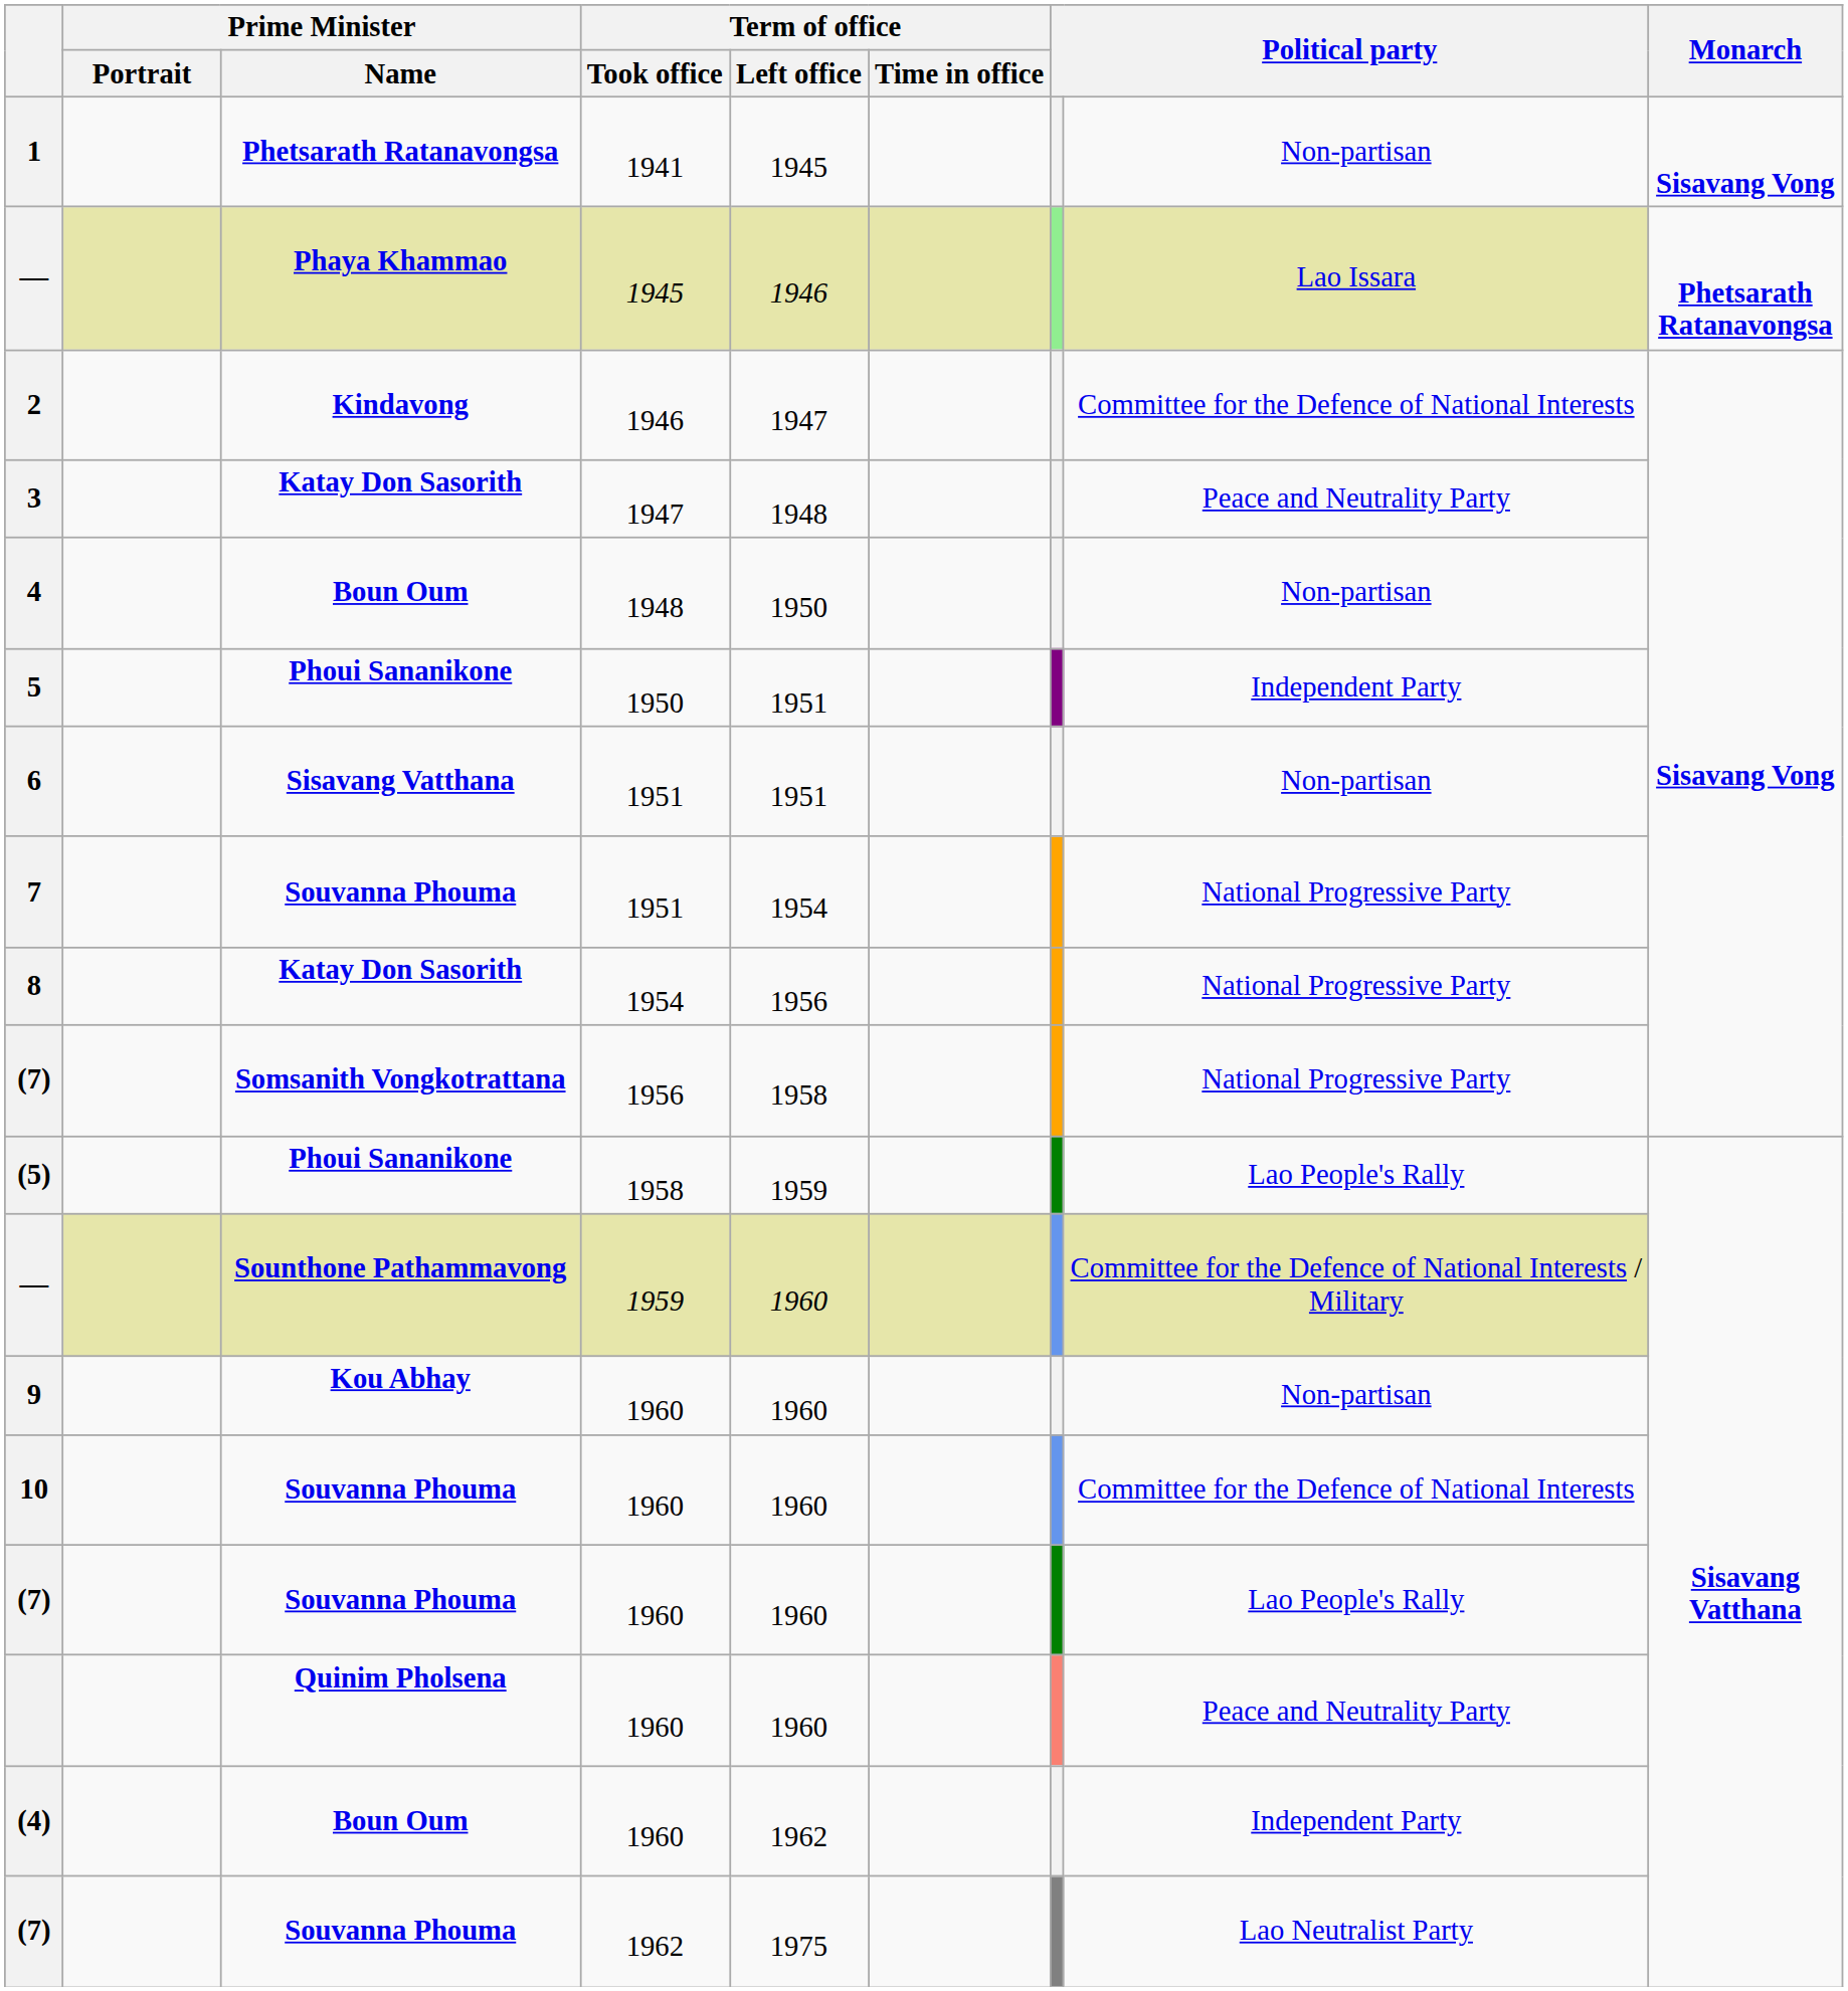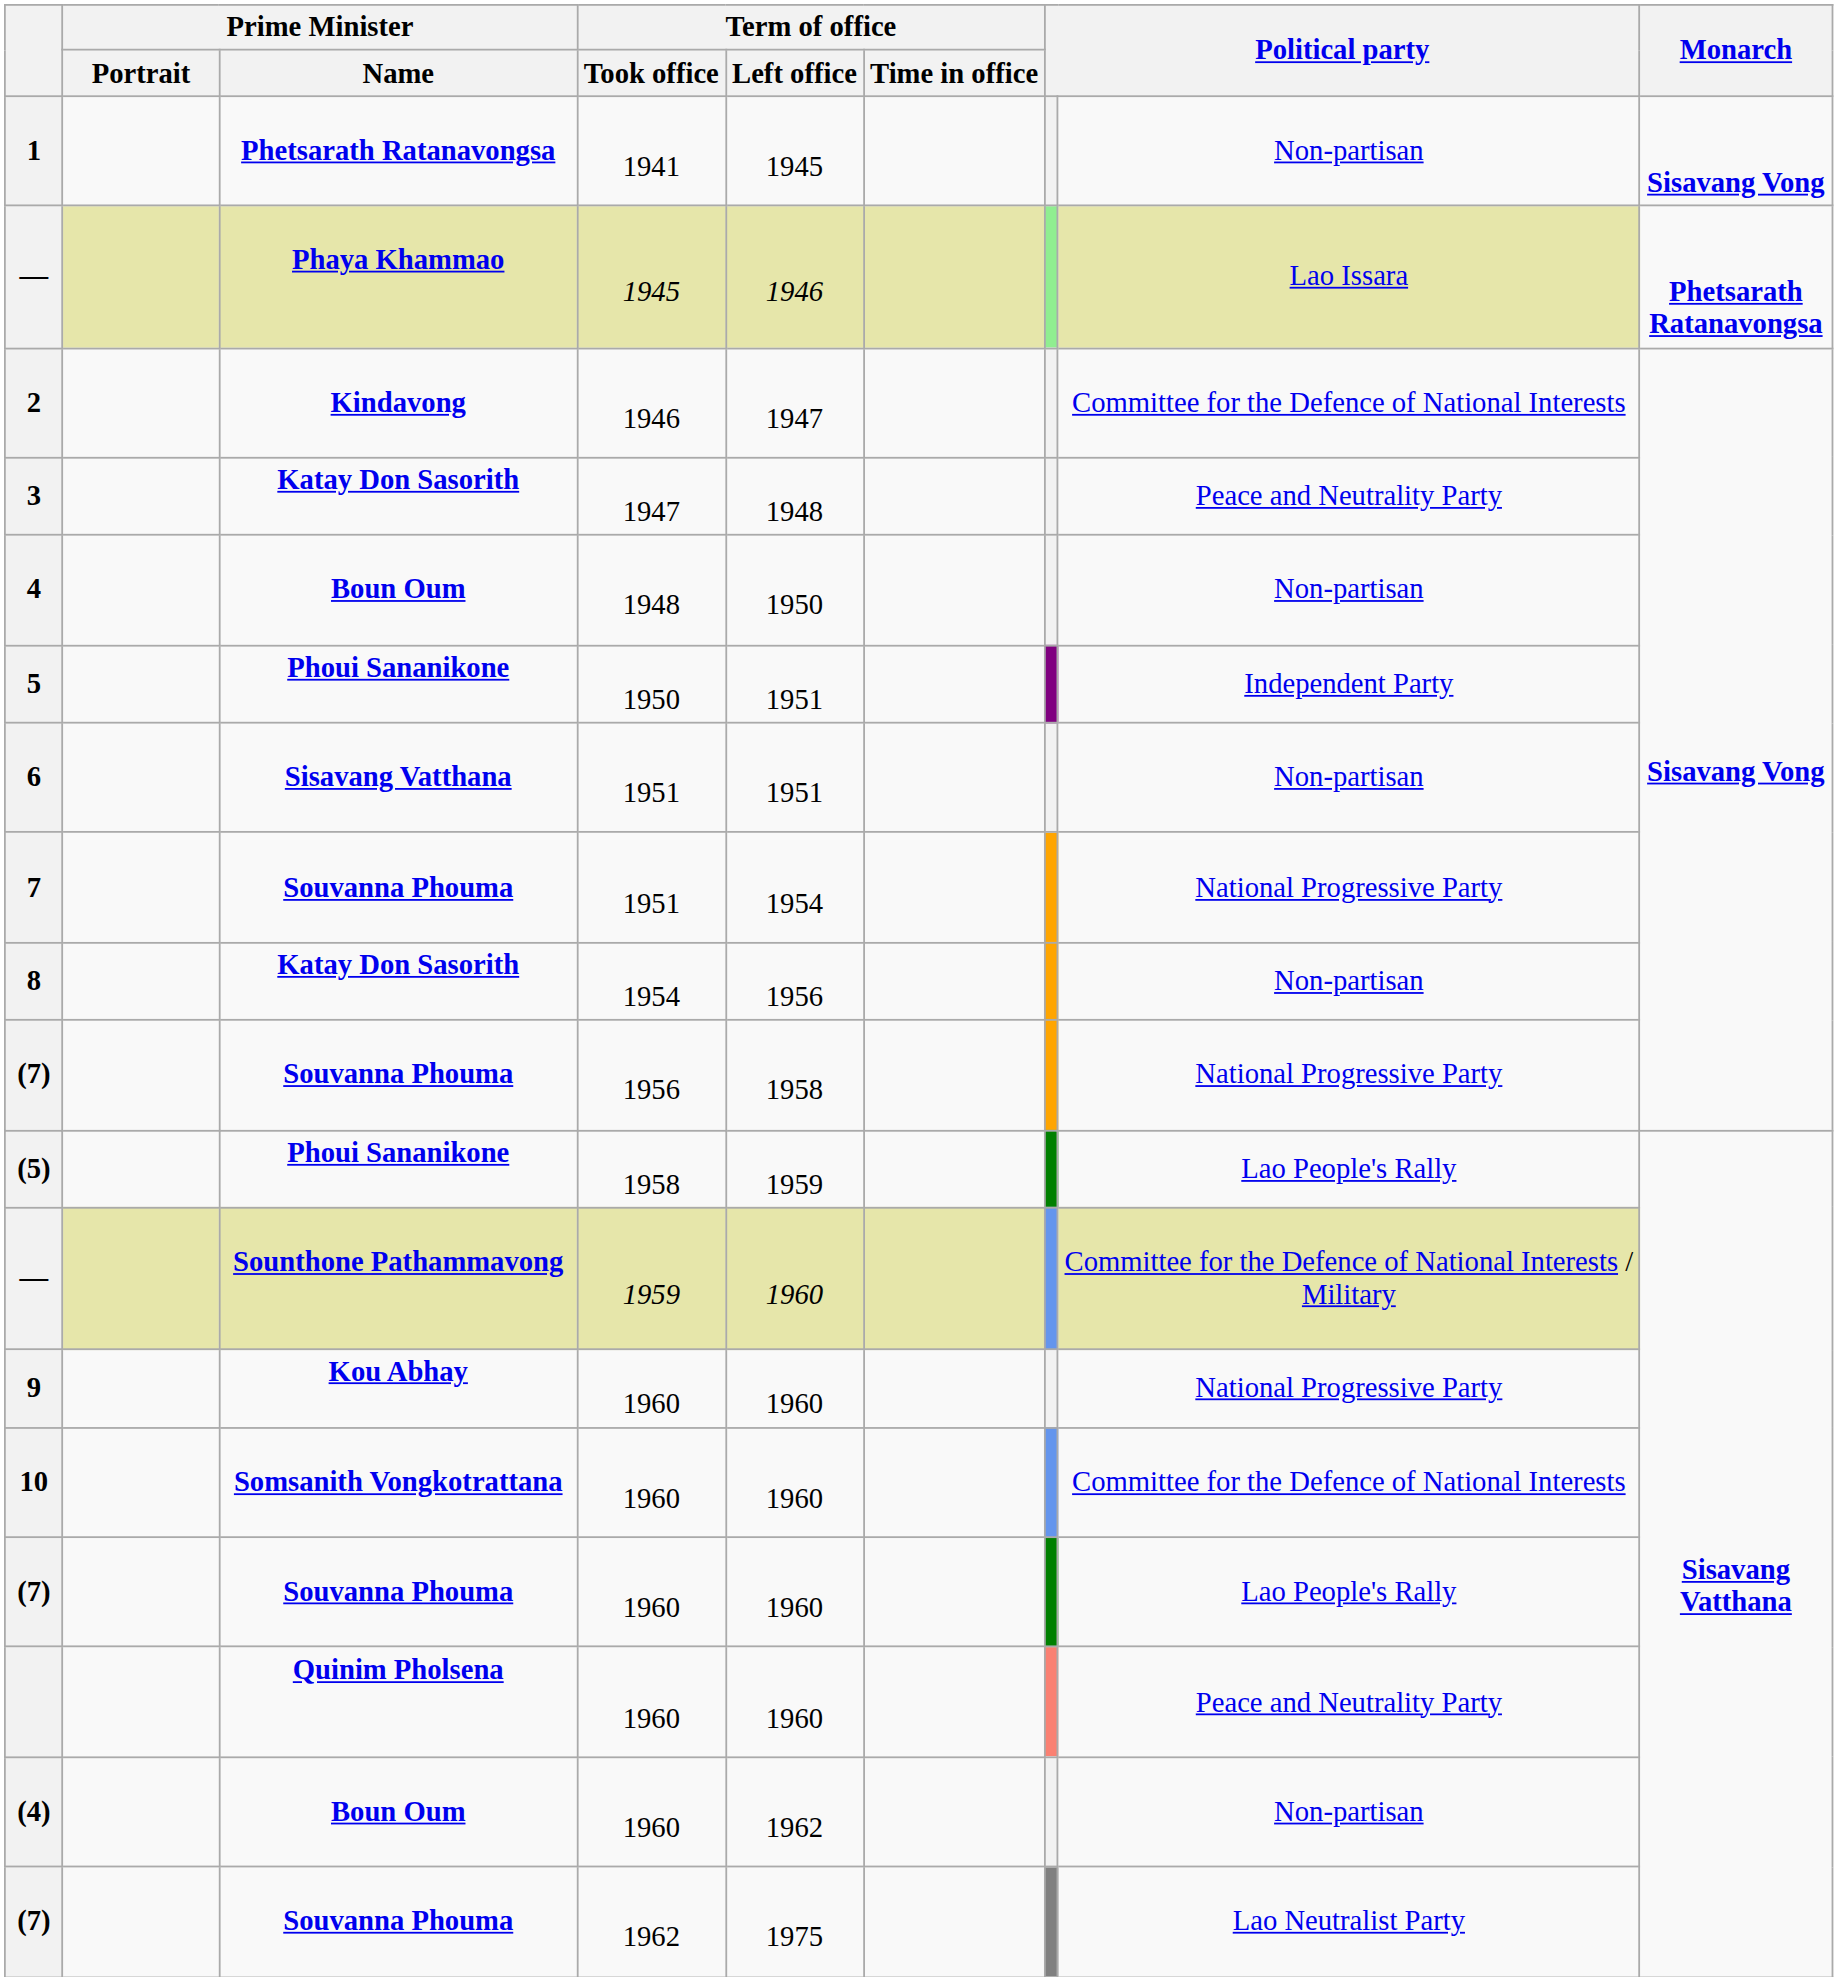 <table class="wikitable" style="text-align:center; border:1px #aaf solid;">
 <tr>
 <th rowspan="2" style="width:25px;"></th>
 <th colspan="2" style="width:280px;">Prime Minister</th>
 <th colspan="3">Term of office</th>
 <th colspan="2" rowspan="2"><a href='#'>Political party</a></th>
 <th style="width:100px;" rowspan="2"><a href='#'>Monarch</a><br></th>
 </tr>
 <tr>
 <th style="width:80px;">Portrait</th>
 <th>Name<br></th>
 <th>Took office</th>
 <th>Left office</th>
 <th>Time in office</th>
 </tr>
 <tr>
 <th>1</th>
 <td></td>
 <td><a href='#'><br><strong>Phetsarath Ratanavongsa</strong></a><br><br></td>
 <td><br>1941</td>
 <td><br>1945</td>
 <td></td>
 <th style="background:"></th>
 <td><a href='#'>Non-partisan</a></td>
 <td><br><br><strong><a href='#'>Sisavang Vong</a></strong><br></td>
 </tr>
 <tr>
 <th>—</th>
 <td style="background:#e6e6aa;"></td>
 <td style="background:#e6e6aa;"><strong><a href='#'>Phaya Khammao</a></strong><br><br></td>
 <td style="background:#e6e6aa;"><em><br>1945</em></td>
 <td style="background:#e6e6aa;"><em><br>1946</em></td>
 <td style="background:#e6e6aa;"></td>
 <th style="background:LightGreen"></th>
 <td style="background:#e6e6aa;"><a href='#'>Lao Issara</a></td>
 <td><br><br><strong><a href='#'>Phetsarath Ratanavongsa</a></strong><br></td>
 </tr>
 <tr>
 <th>2</th>
 <td></td>
 <td><a href='#'><br><strong>Kindavong</strong></a><br><br></td>
 <td><br>1946</td>
 <td><br>1947</td>
 <td></td>
 <th style="background:"></th>
 <td><a href='#'>Committee for the Defence of National Interests</a></td>
 <td rowspan="9"><br><br><strong><a href='#'>Sisavang Vong</a></strong><br></td>
 </tr>
 <tr>
 <th>3</th>
 <td></td>
 <td><strong><a href='#'>Katay Don Sasorith</a></strong><br><br></td>
 <td><br>1947</td>
 <td><br>1948</td>
 <td></td>
 <th style="background:"></th>
 <td><a href='#'>Peace and Neutrality Party</a></td>
 </tr>
 <tr>
 <th>4</th>
 <td></td>
 <td><a href='#'><br><strong>Boun Oum</strong></a><br><br></td>
 <td><br>1948</td>
 <td><br>1950</td>
 <td></td>
 <th style="background:"></th>
 <td><a href='#'>Non-partisan</a></td>
 </tr>
 <tr>
 <th>5</th>
 <td></td>
 <td><strong><a href='#'>Phoui Sananikone</a></strong><br><br></td>
 <td><br>1950</td>
 <td><br>1951</td>
 <td></td>
 <th style="background:Purple"></th>
 <td><a href='#'>Independent Party</a></td>
 </tr>
 <tr>
 <th>6</th>
 <td></td>
 <td><a href='#'><br><strong>Sisavang Vatthana</strong></a><br><br></td>
 <td><br>1951</td>
 <td><br>1951</td>
 <td></td>
 <th style="background:"></th>
 <td><a href='#'>Non-partisan</a></td>
 </tr>
 <tr>
 <th>7</th>
 <td></td>
 <td><a href='#'><br><strong>Souvanna Phouma</strong></a><br><br></td>
 <td><br>1951</td>
 <td><br>1954</td>
 <td></td>
 <th style="background:Orange"></th>
 <td><a href='#'>National Progressive Party</a></td>
 </tr>
 <tr>
 <th>8</th>
 <td></td>
 <td><strong><a href='#'>Katay Don Sasorith</a></strong><br><br></td>
 <td><br>1954</td>
 <td><br>1956</td>
 <td></td>
 <th style="background:Orange"></th>
-<td><a href='#'>National Progressive Party</a></td>
+<td><a href='#'>Non-partisan</a></td>
 </tr>
 <tr>
 <th>(7)</th>
 <td></td>
-<td><a href='#'><br><strong>Somsanith Vongkotrattana</strong></a><br><br></td>
+<td><a href='#'><br><strong>Souvanna Phouma</strong></a><br><br></td>
 <td><br>1956</td>
 <td><br>1958</td>
 <td></td>
 <th style="background:Orange"></th>
 <td><a href='#'>National Progressive Party</a></td>
 </tr>
 <tr>
 <th rowspan="2">(5)</th>
 <td rowspan="2"></td>
 <td rowspan="2"><strong><a href='#'>Phoui Sananikone</a></strong><br><br></td>
 <td rowspan="2"><br>1958</td>
 <td rowspan="2"><br>1959</td>
 <td rowspan="2"></td>
 <th rowspan="2" style="background:Green"></th>
 <td rowspan="2"><a href='#'>Lao People's Rally</a></td>
 </tr>
 <tr>
 <td rowspan="8"><br><br><strong><a href='#'>Sisavang Vatthana</a></strong><br></td>
 </tr>
 <tr>
 <th>—</th>
 <td style="background:#e6e6aa;"></td>
 <td style="background:#e6e6aa;"><a href='#'><br><strong>Sounthone Pathammavong</strong></a><br><br><br></td>
 <td style="background:#e6e6aa;"><em><br>1959</em></td>
 <td style="background:#e6e6aa;"><em><br>1960</em></td>
 <td style="background:#e6e6aa;"></td>
 <th style="background:CornflowerBlue"></th>
 <td style="background:#e6e6aa;"><a href='#'>Committee for the Defence of National Interests</a> / <br><a href='#'>Military</a></td>
 </tr>
 <tr>
 <th>9</th>
 <td></td>
 <td><strong><a href='#'>Kou Abhay</a></strong><br><br></td>
 <td><br>1960</td>
 <td><br>1960</td>
 <td></td>
 <th style="background:"></th>
-<td><a href='#'>Non-partisan</a></td>
+<td><a href='#'>National Progressive Party</a></td>
 </tr>
 <tr>
 <th>10</th>
 <td></td>
-<td><a href='#'><br><strong>Souvanna Phouma</strong></a><br><br></td>
+<td><a href='#'><br><strong>Somsanith Vongkotrattana</strong></a><br><br></td>
 <td><br>1960</td>
 <td><br>1960</td>
 <td></td>
 <th style="background:CornflowerBlue"></th>
 <td><a href='#'>Committee for the Defence of National Interests</a></td>
 </tr>
 <tr>
 <th>(7)</th>
 <td></td>
 <td><a href='#'><br><strong>Souvanna Phouma</strong></a><br><br></td>
 <td><br>1960</td>
 <td><br>1960</td>
 <td></td>
 <th style="background:Green"></th>
 <td><a href='#'>Lao People's Rally</a></td>
 </tr>
 <tr>
 <th></th>
 <td></td>
 <td><strong><a href='#'>Quinim Pholsena</a></strong><br><br><br></td>
 <td><br>1960</td>
 <td><br>1960</td>
 <td></td>
 <th style="background:Salmon"></th>
 <td><a href='#'>Peace and Neutrality Party</a></td>
 </tr>
 <tr>
 <th>(4)</th>
 <td></td>
 <td><a href='#'><br><strong>Boun Oum</strong></a><br><br></td>
 <td><br>1960</td>
 <td><br>1962</td>
 <td></td>
 <th style="background:"></th>
-<td><a href='#'>Independent Party</a></td>
+<td><a href='#'>Non-partisan</a></td>
 </tr>
 <tr>
 <th>(7)</th>
 <td></td>
 <td><a href='#'><br><strong>Souvanna Phouma</strong></a><br><br></td>
 <td><br>1962</td>
 <td><br>1975</td>
 <td></td>
 <th style="background:Gray"></th>
 <td><a href='#'>Lao Neutralist Party</a></td>
 </tr>
 </table>
